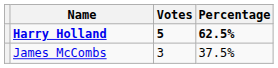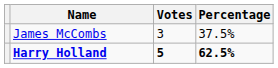 <table class="wikitable">
 <tr>
 <th></th>
 <th>Name</th>
 <th>Votes</th>
 <th>Percentage</th>
 </tr>
 <tr>
 <th style="background-color: "></th>
+<td><a href='#'>James McCombs</a></td>
+<td>3</td>
+<td>37.5%</td>
+</tr>
+<tr>
+<th style="background-color: "></th>
 <td width="150"><strong><a href='#'>Harry Holland</a></strong></td>
 <td><strong>5</strong></td>
 <td><strong>62.5%</strong></td>
 </tr>
-<tr>
-<th style="background-color: "></th>
-<td><a href='#'>James McCombs</a></td>
-<td>3</td>
-<td>37.5%</td>
-</tr>
 </table>
